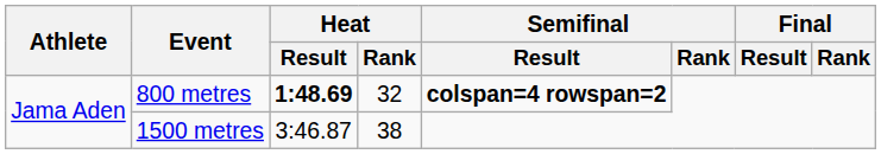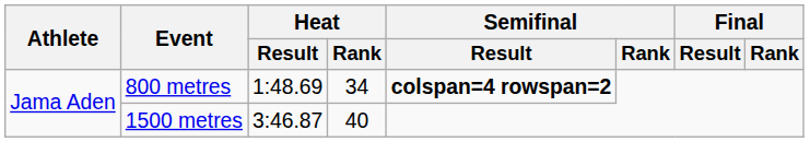 <table class=wikitable style=font-size:90%>
 <tr>
 <th rowspan=2>Athlete</th>
 <th rowspan=2>Event</th>
 <th colspan=2>Heat</th>
 <th colspan=2>Semifinal</th>
 <th colspan=2>Final</th>
 </tr>
 <tr style=font-size:95%>
 <th>Result</th>
 <th>Rank</th>
 <th>Result</th>
 <th>Rank</th>
 <th>Result</th>
 <th>Rank</th>
 </tr>
 <tr align=center>
 <td align=left rowspan=2><a href='#'>Jama Aden</a></td>
 <td align=left><a href='#'>800 metres</a></td>
-<td><strong>1:48.69</strong></td>
-<td>32</td>
+<td>1:48.69</td>
+<td>34</td>
 <td><strong>colspan=4 rowspan=2 </strong></td>
 </tr>
 <tr align=center>
 <td align=left><a href='#'>1500 metres</a></td>
 <td>3:46.87</td>
-<td>38</td>
+<td>40</td>
 </tr>
 </table>
